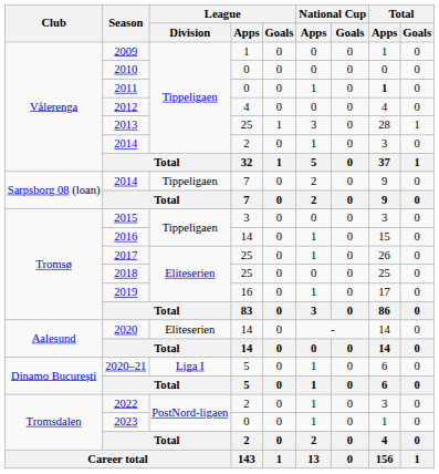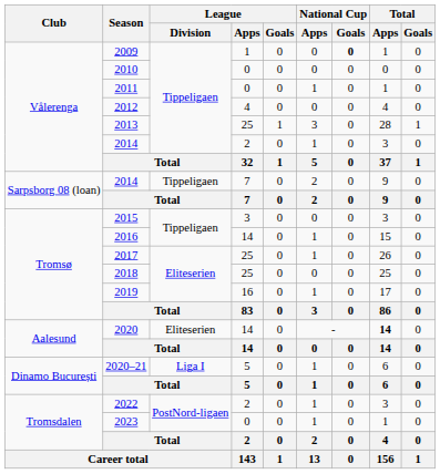 <table class="wikitable" style="text-align: center;">
 <tr>
 <th rowspan="2">Club</th>
 <th rowspan="2">Season</th>
 <th colspan="3">League</th>
 <th colspan="2">National Cup</th>
 <th colspan="2">Total</th>
 </tr>
 <tr>
 <th>Division</th>
 <th>Apps</th>
 <th>Goals</th>
 <th>Apps</th>
 <th>Goals</th>
 <th>Apps</th>
 <th>Goals</th>
 </tr>
 <tr>
 <td rowspan="7"><a href='#'>Vålerenga</a></td>
 <td><a href='#'>2009</a></td>
 <td rowspan="6"><a href='#'>Tippeligaen</a></td>
 <td>1</td>
 <td>0</td>
 <td>0</td>
-<td>0</td>
+<td><strong>0</strong></td>
 <td>1</td>
 <td>0</td>
 </tr>
 <tr>
 <td><a href='#'>2010</a></td>
 <td>0</td>
 <td>0</td>
 <td>0</td>
 <td>0</td>
 <td>0</td>
 <td>0</td>
 </tr>
 <tr>
 <td><a href='#'>2011</a></td>
 <td>0</td>
 <td>0</td>
 <td>1</td>
 <td>0</td>
-<td><strong>1</strong></td>
+<td>1</td>
 <td>0</td>
 </tr>
 <tr>
 <td><a href='#'>2012</a></td>
 <td>4</td>
 <td>0</td>
 <td>0</td>
 <td>0</td>
 <td>4</td>
 <td>0</td>
 </tr>
 <tr>
 <td><a href='#'>2013</a></td>
 <td>25</td>
 <td>1</td>
 <td>3</td>
 <td>0</td>
 <td>28</td>
 <td>1</td>
 </tr>
 <tr>
 <td><a href='#'>2014</a></td>
 <td>2</td>
 <td>0</td>
 <td>1</td>
 <td>0</td>
 <td>3</td>
 <td>0</td>
 </tr>
 <tr>
 <th colspan="2">Total</th>
 <th>32</th>
 <th>1</th>
 <th>5</th>
 <th>0</th>
 <th>37</th>
 <th>1</th>
 </tr>
 <tr>
 <td rowspan="2"><a href='#'>Sarpsborg 08</a> (loan)</td>
 <td><a href='#'>2014</a></td>
 <td>Tippeligaen</td>
 <td>7</td>
 <td>0</td>
 <td>2</td>
 <td>0</td>
 <td>9</td>
 <td>0</td>
 </tr>
 <tr>
 <th colspan="2">Total</th>
 <th>7</th>
 <th>0</th>
 <th>2</th>
 <th>0</th>
 <th>9</th>
 <th>0</th>
 </tr>
 <tr>
 <td rowspan="6"><a href='#'>Tromsø</a></td>
 <td><a href='#'>2015</a></td>
 <td rowspan="2">Tippeligaen</td>
 <td>3</td>
 <td>0</td>
 <td>0</td>
 <td>0</td>
 <td>3</td>
 <td>0</td>
 </tr>
 <tr>
 <td><a href='#'>2016</a></td>
 <td>14</td>
 <td>0</td>
 <td>1</td>
 <td>0</td>
 <td>15</td>
 <td>0</td>
 </tr>
 <tr>
 <td><a href='#'>2017</a></td>
 <td rowspan="3"><a href='#'>Eliteserien</a></td>
 <td>25</td>
 <td>0</td>
 <td>1</td>
 <td>0</td>
 <td>26</td>
 <td>0</td>
 </tr>
 <tr>
 <td><a href='#'>2018</a></td>
 <td>25</td>
 <td>0</td>
 <td>0</td>
 <td>0</td>
 <td>25</td>
 <td>0</td>
 </tr>
 <tr>
 <td><a href='#'>2019</a></td>
 <td>16</td>
 <td>0</td>
 <td>1</td>
 <td>0</td>
 <td>17</td>
 <td>0</td>
 </tr>
 <tr>
 <th colspan="2">Total</th>
 <th>83</th>
 <th>0</th>
 <th>3</th>
 <th>0</th>
 <th>86</th>
 <th>0</th>
 </tr>
 <tr>
 <td rowspan="2"><a href='#'>Aalesund</a></td>
 <td><a href='#'>2020</a></td>
 <td>Eliteserien</td>
 <td>14</td>
 <td>0</td>
 <td colspan="2">-</td>
-<td>14</td>
+<td><strong>14</strong></td>
 <td>0</td>
 </tr>
 <tr>
 <th colspan="2">Total</th>
 <th>14</th>
 <th>0</th>
 <th>0</th>
 <th>0</th>
 <th>14</th>
 <th>0</th>
 </tr>
 <tr>
 <td rowspan="2"><a href='#'>Dinamo București</a></td>
 <td><a href='#'>2020–21</a></td>
 <td><a href='#'>Liga I</a></td>
 <td>5</td>
 <td>0</td>
 <td>1</td>
 <td>0</td>
 <td>6</td>
 <td>0</td>
 </tr>
 <tr>
 <th colspan="2">Total</th>
 <th>5</th>
 <th>0</th>
 <th>1</th>
 <th>0</th>
 <th>6</th>
 <th>0</th>
 </tr>
 <tr>
 <td rowspan="3"><a href='#'>Tromsdalen</a></td>
 <td><a href='#'>2022</a></td>
 <td rowspan="2"><a href='#'>PostNord-ligaen</a></td>
 <td>2</td>
 <td>0</td>
 <td>1</td>
 <td>0</td>
 <td>3</td>
 <td>0</td>
 </tr>
 <tr>
 <td><a href='#'>2023</a></td>
 <td>0</td>
 <td>0</td>
 <td>1</td>
 <td>0</td>
 <td>1</td>
 <td>0</td>
 </tr>
 <tr>
 <th colspan="2"><strong>Total</strong></th>
 <th>2</th>
 <th>0</th>
 <th>2</th>
 <th>0</th>
 <th>4</th>
 <th>0</th>
 </tr>
 <tr>
 <th colspan="3">Career total</th>
 <th>143</th>
 <th>1</th>
 <th>13</th>
 <th>0</th>
 <th>156</th>
 <th>1</th>
 </tr>
 </table>
